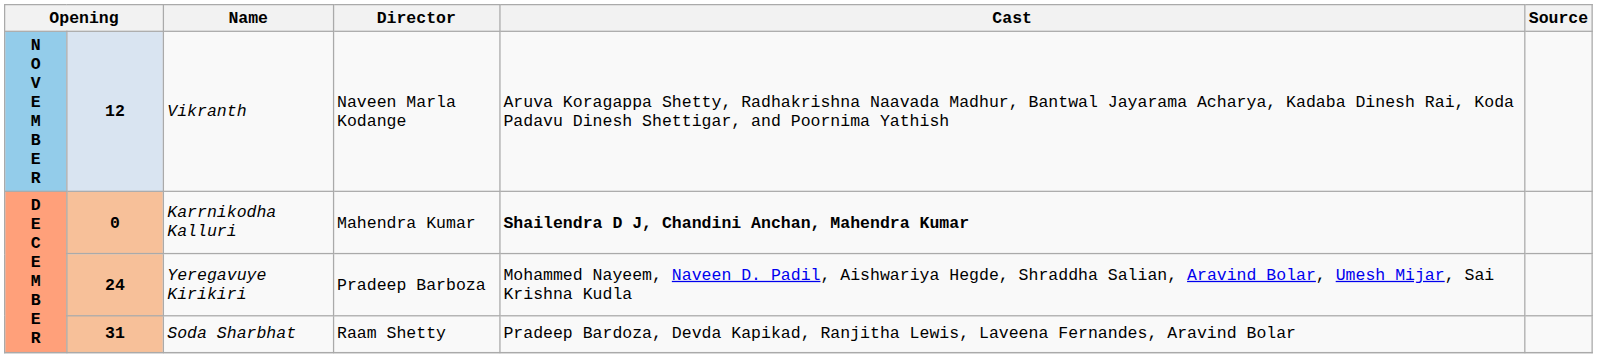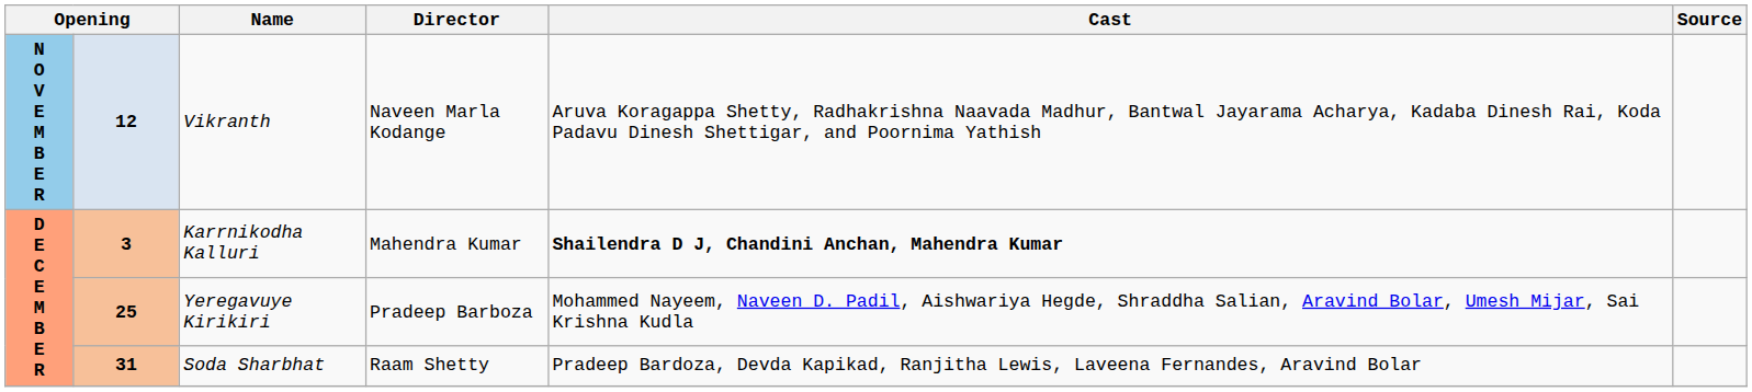 <table class="wikitable sortable">
 <tr>
 <th colspan="2" style="width:10%;">Opening</th>
 <th>Name</th>
 <th>Director</th>
 <th>Cast</th>
 <th>Source</th>
 </tr>
 <tr>
 <td rowspan="1" style="text-align:center; background:#93CCEA; textcolor:#000;"><strong>N<br>O<br>V<br>E<br>M<br>B<br>E<br>R</strong></td>
 <td rowspan="1" style="text-align:center;background:#d9e4f1;"><strong>12</strong></td>
 <td><em>Vikranth</em></td>
 <td>Naveen Marla Kodange</td>
 <td>Aruva Koragappa Shetty, Radhakrishna Naavada Madhur, Bantwal Jayarama Acharya, Kadaba Dinesh Rai, Koda Padavu Dinesh Shettigar, and Poornima Yathish</td>
 <td><br></td>
 </tr>
 <tr>
 <td rowspan="3" style="text-align:center; background:#ffa07a; textcolor:#000;"><strong>D<br>E<br>C<br>E<br>M<br>B<br>E<br>R</strong></td>
-<td rowspan="1" style="text-align:center; textcolor:#000;background:#F7C099;"><strong>0</strong></td>
+<td rowspan="1" style="text-align:center; textcolor:#000;background:#F7C099;"><strong>3</strong></td>
 <td><em>Karrnikodha Kalluri</em></td>
 <td>Mahendra Kumar</td>
 <td><strong>Shailendra D J, Chandini Anchan, Mahendra Kumar</strong></td>
 <td></td>
 </tr>
 <tr>
-<td rowspan="1" style="text-align:center; textcolor:#000;background:#F7C099;"><strong>24</strong></td>
+<td rowspan="1" style="text-align:center; textcolor:#000;background:#F7C099;"><strong>25</strong></td>
 <td><em>Yeregavuye Kirikiri</em></td>
 <td>Pradeep Barboza</td>
 <td>Mohammed Nayeem, <a href='#'>Naveen D. Padil</a>, Aishwariya Hegde, Shraddha Salian, <a href='#'>Aravind Bolar</a>, <a href='#'>Umesh Mijar</a>, Sai Krishna Kudla</td>
 <td></td>
 </tr>
 <tr>
 <td rowspan="1" style="text-align:center; textcolor:#000;background:#F7C099;"><strong>31</strong></td>
 <td><em>Soda Sharbhat</em></td>
 <td>Raam Shetty</td>
 <td>Pradeep Bardoza, Devda Kapikad, Ranjitha Lewis, Laveena Fernandes, Aravind Bolar</td>
 <td></td>
 </tr>
 <tr>
 </tr>
 </table>
